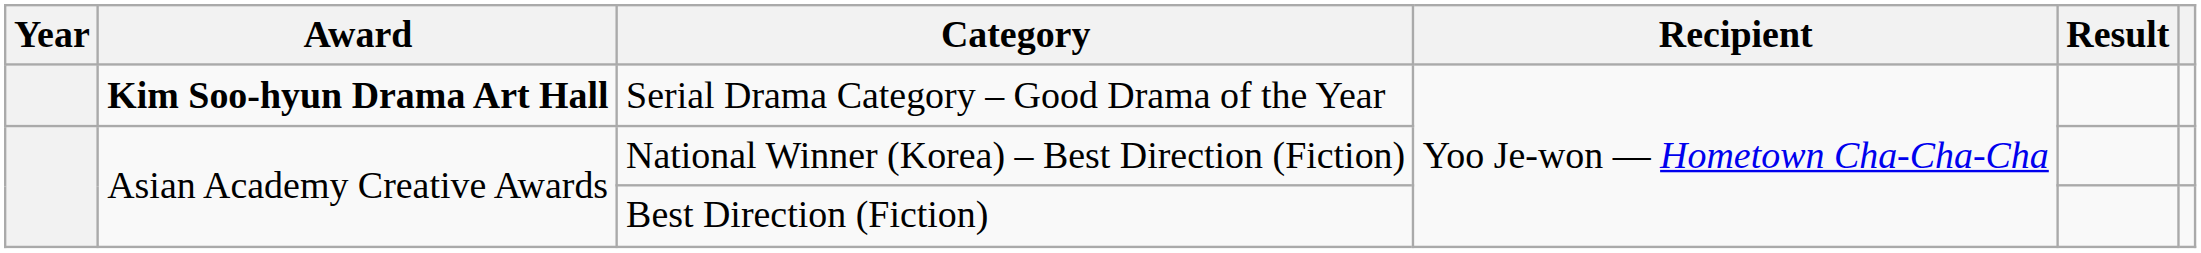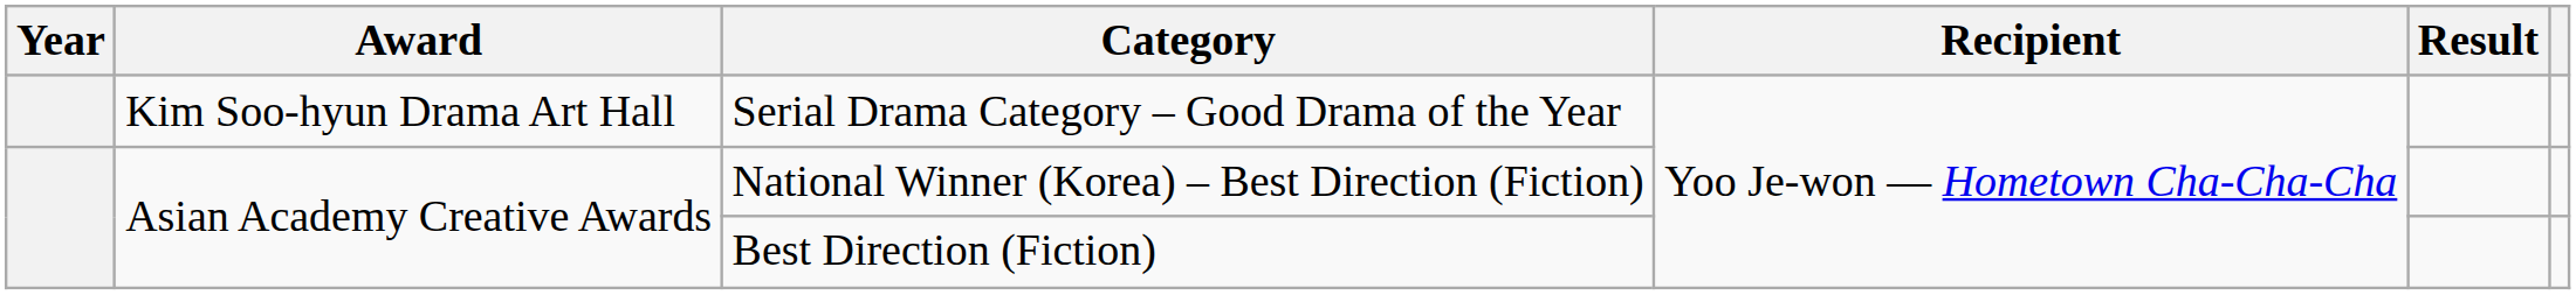 <table class="wikitable plainrowheaders sortable">
 <tr>
 <th scope="col">Year</th>
 <th scope="col">Award</th>
 <th scope="col">Category</th>
 <th scope="col">Recipient</th>
 <th scope="col">Result</th>
 <th scope="col" class="unsortable"></th>
 </tr>
 <tr>
 <th scope="row"></th>
-<td><strong>Kim Soo-hyun Drama Art Hall</strong></td>
+<td>Kim Soo-hyun Drama Art Hall</td>
 <td>Serial Drama Category – Good Drama of the Year</td>
 <td rowspan="3">Yoo Je-won — <em><a href='#'>Hometown Cha-Cha-Cha</a></em></td>
 <td></td>
 <td style="text-align:center"></td>
 </tr>
 <tr>
 <th rowspan="2" scope="row"></th>
 <td rowspan="2">Asian Academy Creative Awards</td>
 <td>National Winner (Korea) – Best Direction (Fiction)</td>
 <td></td>
 <td style="text-align:center"></td>
 </tr>
 <tr>
 <td>Best Direction (Fiction)</td>
 <td></td>
 <td></td>
 </tr>
 </table>
